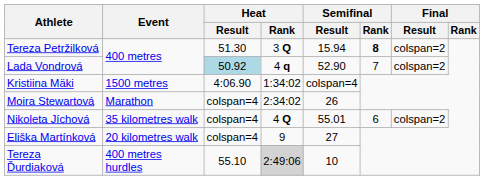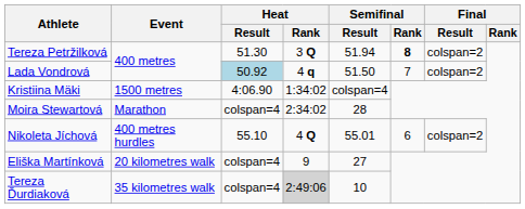 <table class="wikitable" style="font-size:90%">
 <tr>
 <th rowspan="2">Athlete</th>
 <th rowspan="2">Event</th>
 <th colspan="2">Heat</th>
 <th colspan="2">Semifinal</th>
 <th colspan="2">Final</th>
 </tr>
 <tr style="font-size:95%">
 <th>Result</th>
 <th>Rank</th>
 <th>Result</th>
 <th>Rank</th>
 <th>Result</th>
 <th>Rank</th>
 </tr>
 <tr align=center>
 <td align=left><a href='#'>Tereza Petržilková</a></td>
 <td align=left rowspan=2><a href='#'>400 metres</a></td>
 <td>51.30</td>
 <td>3 <strong>Q</strong></td>
-<td>15.94</td>
+<td>51.94</td>
 <td><strong>8</strong></td>
 <td>colspan=2 </td>
 </tr>
 <tr align=center>
 <td align=left><a href='#'>Lada Vondrová</a></td>
 <td style="background: lightblue;">50.92 </td>
 <td>4 <strong>q</strong></td>
-<td>52.90</td>
+<td>51.50</td>
 <td>7</td>
 <td>colspan=2 </td>
 </tr>
 <tr align=center>
 <td align=left><a href='#'>Kristiina Mäki</a></td>
 <td align=left><a href='#'>1500 metres</a></td>
 <td>4:06.90</td>
 <td>1:34:02</td>
 <td>colspan=4 </td>
 </tr>
 <tr align=center>
 <td align=left><a href='#'>Moira Stewartová</a></td>
 <td align=left><a href='#'>Marathon</a></td>
 <td>colspan=4</td>
 <td>2:34:02</td>
-<td>26</td>
+<td>28</td>
 </tr>
 <tr align=center>
 <td align=left><a href='#'>Nikoleta Jíchová</a></td>
-<td align=left><a href='#'>35 kilometres walk</a></td>
-<td>colspan=4</td>
+<td align=left><a href='#'>400 metres hurdles</a></td>
+<td>55.10</td>
 <td>4 <strong>Q</strong></td>
 <td>55.01</td>
 <td>6</td>
 <td>colspan=2 </td>
 </tr>
 <tr align=center>
 <td align=left><a href='#'>Eliška Martínková</a></td>
 <td align=left><a href='#'>20 kilometres walk</a></td>
 <td>colspan=4</td>
 <td>9</td>
 <td>27</td>
 </tr>
 <tr align=center>
 <td align=left><a href='#'>Tereza Ďurdiaková</a></td>
-<td align=left><a href='#'>400 metres hurdles</a></td>
-<td>55.10</td>
+<td align=left><a href='#'>35 kilometres walk</a></td>
+<td>colspan=4</td>
 <td style="background: lightgrey;">2:49:06 </td>
 <td>10</td>
 </tr>
 </table>
